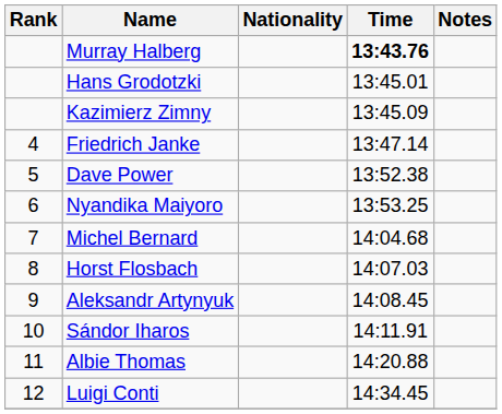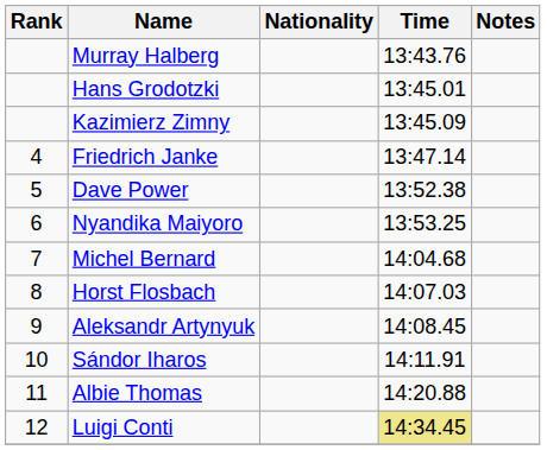 <table class="wikitable sortable" style="text-align:center">
 <tr>
 <th>Rank</th>
 <th>Name</th>
 <th>Nationality</th>
 <th>Time</th>
 <th>Notes</th>
 </tr>
 <tr>
 <td></td>
 <td align=left><a href='#'>Murray Halberg</a></td>
 <td align=left></td>
-<td><strong>13:43.76</strong></td>
+<td>13:43.76</td>
 <td></td>
 </tr>
 <tr>
 <td></td>
 <td align=left><a href='#'>Hans Grodotzki</a></td>
 <td align=left></td>
 <td>13:45.01</td>
 <td></td>
 </tr>
 <tr>
 <td></td>
 <td align=left><a href='#'>Kazimierz Zimny</a></td>
 <td align=left></td>
 <td>13:45.09</td>
 <td></td>
 </tr>
 <tr>
 <td>4</td>
 <td align=left><a href='#'>Friedrich Janke</a></td>
 <td align=left></td>
 <td>13:47.14</td>
 <td></td>
 </tr>
 <tr>
 <td>5</td>
 <td align=left><a href='#'>Dave Power</a></td>
 <td align=left></td>
 <td>13:52.38</td>
 <td></td>
 </tr>
 <tr>
 <td>6</td>
 <td align=left><a href='#'>Nyandika Maiyoro</a></td>
 <td align=left></td>
 <td>13:53.25</td>
 <td></td>
 </tr>
 <tr>
 <td>7</td>
 <td align=left><a href='#'>Michel Bernard</a></td>
 <td align=left></td>
 <td>14:04.68</td>
 <td></td>
 </tr>
 <tr>
 <td>8</td>
 <td align=left><a href='#'>Horst Flosbach</a></td>
 <td align=left></td>
 <td>14:07.03</td>
 <td></td>
 </tr>
 <tr>
 <td>9</td>
 <td align=left><a href='#'>Aleksandr Artynyuk</a></td>
 <td align=left></td>
 <td>14:08.45</td>
 <td></td>
 </tr>
 <tr>
 <td>10</td>
 <td align=left><a href='#'>Sándor Iharos</a></td>
 <td align=left></td>
 <td>14:11.91</td>
 <td></td>
 </tr>
 <tr>
 <td>11</td>
 <td align=left><a href='#'>Albie Thomas</a></td>
 <td align=left></td>
 <td>14:20.88</td>
 <td></td>
 </tr>
 <tr>
 <td>12</td>
 <td align=left><a href='#'>Luigi Conti</a></td>
 <td align=left></td>
-<td>14:34.45</td>
+<td style="background: khaki;">14:34.45</td>
 <td></td>
 </tr>
 <tr>
 </tr>
 </table>
